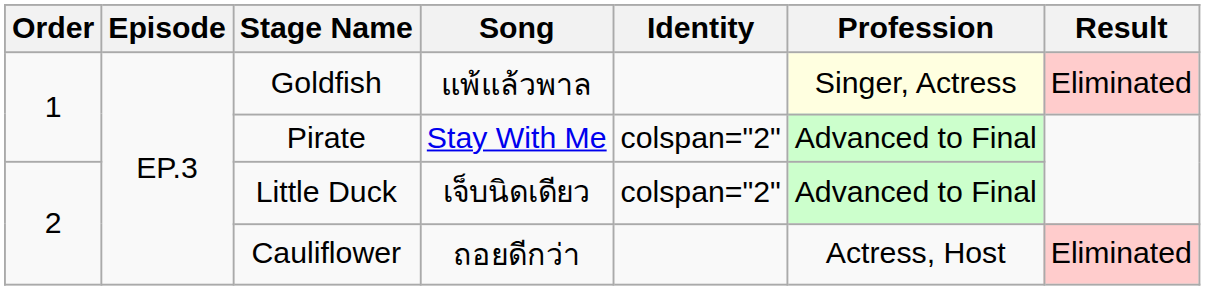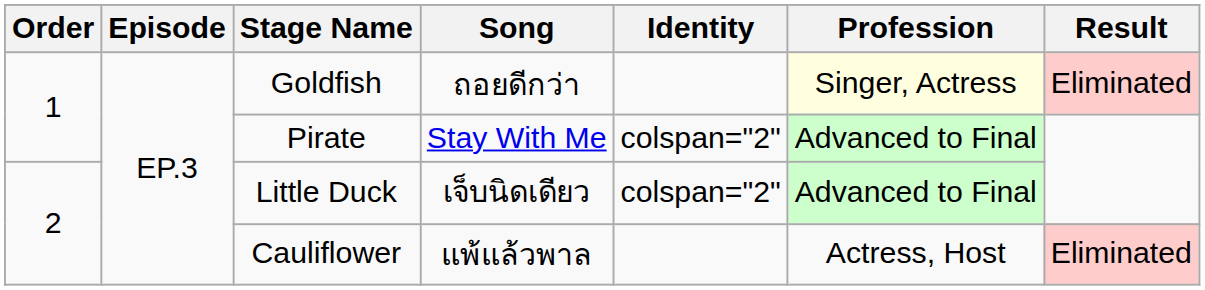 <table class="wikitable">
 <tr>
 <th>Order</th>
 <th>Episode</th>
 <th>Stage Name</th>
 <th>Song</th>
 <th>Identity</th>
 <th>Profession</th>
 <th>Result</th>
 </tr>
 <tr>
 <td rowspan="2" align="center">1</td>
 <td rowspan="4" align="center">EP.3</td>
 <td style="text-align:center;">Goldfish</td>
-<td style="text-align:center;">แพ้แล้วพาล</td>
+<td style="text-align:center;">ถอยดีกว่า</td>
 <td style="text-align:center;"></td>
 <td style="background: lightyellow; text-align:center;">Singer, Actress</td>
 <td style="text-align:center; background:#ffcccc;">Eliminated</td>
 </tr>
 <tr>
 <td style="text-align:center;">Pirate</td>
 <td style="text-align:center;"><a href='#'>Stay With Me</a></td>
 <td>colspan="2"  </td>
 <td style="text-align:center; background:#ccffcc;">Advanced to Final</td>
 </tr>
 <tr>
 <td rowspan="2" align="center">2</td>
 <td style="text-align:center;">Little Duck</td>
 <td style="text-align:center;">เจ็บนิดเดียว</td>
 <td>colspan="2"  </td>
 <td style="text-align:center; background:#ccffcc;">Advanced to Final</td>
 </tr>
 <tr>
 <td style="text-align:center;">Cauliflower</td>
-<td style="text-align:center;">ถอยดีกว่า</td>
+<td style="text-align:center;">แพ้แล้วพาล</td>
 <td style="text-align:center;"></td>
 <td style="text-align:center;">Actress, Host</td>
 <td style="text-align:center; background:#ffcccc;">Eliminated</td>
 </tr>
 </table>
